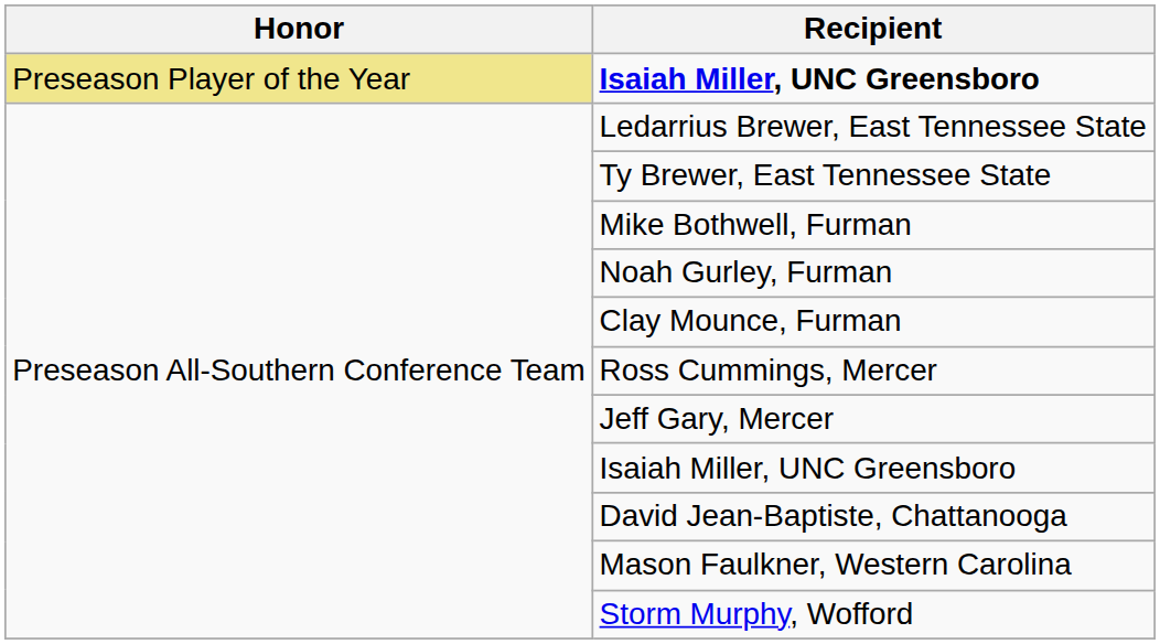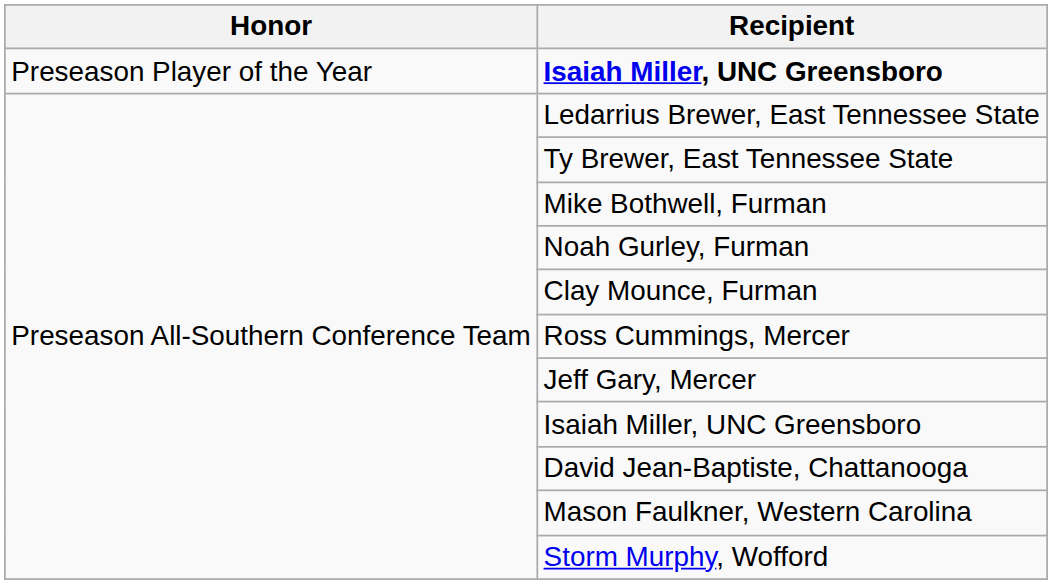 <table class="wikitable" border="1">
 <tr>
 <th>Honor</th>
 <th>Recipient</th>
 </tr>
 <tr>
-<td style="background: khaki;">Preseason Player of the Year</td>
+<td>Preseason Player of the Year</td>
 <td><strong><a href='#'>Isaiah Miller</a>, UNC Greensboro</strong></td>
 </tr>
 <tr>
 <td rowspan=11 valign=middle>Preseason All-Southern Conference Team</td>
 <td>Ledarrius Brewer, East Tennessee State</td>
 </tr>
 <tr>
 <td>Ty Brewer, East Tennessee State</td>
 </tr>
 <tr>
 <td>Mike Bothwell, Furman</td>
 </tr>
 <tr>
 <td>Noah Gurley, Furman</td>
 </tr>
 <tr>
 <td>Clay Mounce, Furman</td>
 </tr>
 <tr>
 <td>Ross Cummings, Mercer</td>
 </tr>
 <tr>
 <td>Jeff Gary, Mercer</td>
 </tr>
 <tr>
 <td>Isaiah Miller, UNC Greensboro</td>
 </tr>
 <tr>
 <td>David Jean-Baptiste, Chattanooga</td>
 </tr>
 <tr>
 <td>Mason Faulkner, Western Carolina</td>
 </tr>
 <tr>
 <td><a href='#'>Storm Murphy</a>, Wofford</td>
 </tr>
 </table>
